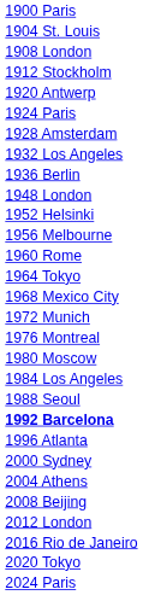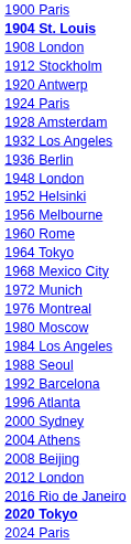 <table>
 <tr>
 <td><a href='#'>1900 Paris</a><br></td>
 <td></td>
 <td></td>
 <td></td>
 </tr>
 <tr>
-<td><a href='#'>1904 St. Louis</a><br></td>
+<td><strong><a href='#'>1904 St. Louis</a><br></strong></td>
 <td></td>
 <td></td>
 <td></td>
 </tr>
 <tr>
 <td><a href='#'>1908 London</a><br></td>
 <td></td>
 <td></td>
 <td></td>
 </tr>
 <tr>
 <td><a href='#'>1912 Stockholm</a><br></td>
 <td></td>
 <td></td>
 <td></td>
 </tr>
 <tr>
 <td><a href='#'>1920 Antwerp</a><br></td>
 <td></td>
 <td></td>
 <td></td>
 </tr>
 <tr>
 <td><a href='#'>1924 Paris</a><br></td>
 <td></td>
 <td></td>
 <td></td>
 </tr>
 <tr>
 <td><a href='#'>1928 Amsterdam</a><br></td>
 <td></td>
 <td></td>
 <td></td>
 </tr>
 <tr>
 <td><a href='#'>1932 Los Angeles</a><br></td>
 <td></td>
 <td></td>
 <td></td>
 </tr>
 <tr>
 <td><a href='#'>1936 Berlin</a><br></td>
 <td></td>
 <td></td>
 <td></td>
 </tr>
 <tr>
 <td><a href='#'>1948 London</a><br></td>
 <td></td>
 <td></td>
 <td></td>
 </tr>
 <tr>
 <td><a href='#'>1952 Helsinki</a><br></td>
 <td></td>
 <td></td>
 <td></td>
 </tr>
 <tr>
 <td><a href='#'>1956 Melbourne</a><br></td>
 <td></td>
 <td></td>
 <td></td>
 </tr>
 <tr>
 <td><a href='#'>1960 Rome</a><br></td>
 <td></td>
 <td></td>
 <td></td>
 </tr>
 <tr>
 <td><a href='#'>1964 Tokyo</a><br></td>
 <td></td>
 <td></td>
 <td></td>
 </tr>
 <tr>
 <td><a href='#'>1968 Mexico City</a><br></td>
 <td></td>
 <td></td>
 <td></td>
 </tr>
 <tr>
 <td><a href='#'>1972 Munich</a><br></td>
 <td></td>
 <td></td>
 <td></td>
 </tr>
 <tr>
 <td><a href='#'>1976 Montreal</a><br></td>
 <td></td>
 <td></td>
 <td></td>
 </tr>
 <tr>
 <td><a href='#'>1980 Moscow</a><br></td>
 <td></td>
 <td></td>
 <td></td>
 </tr>
 <tr>
 <td><a href='#'>1984 Los Angeles</a><br></td>
 <td></td>
 <td></td>
 <td></td>
 </tr>
 <tr>
 <td><a href='#'>1988 Seoul</a><br></td>
 <td></td>
 <td></td>
 <td></td>
 </tr>
 <tr>
-<td><strong><a href='#'>1992 Barcelona</a><br></strong></td>
+<td><a href='#'>1992 Barcelona</a><br></td>
 <td></td>
 <td></td>
 <td></td>
 </tr>
 <tr>
 <td><a href='#'>1996 Atlanta</a><br></td>
 <td></td>
 <td></td>
 <td></td>
 </tr>
 <tr>
 <td><a href='#'>2000 Sydney</a><br></td>
 <td></td>
 <td></td>
 <td></td>
 </tr>
 <tr>
 <td><a href='#'>2004 Athens</a><br></td>
 <td></td>
 <td></td>
 <td></td>
 </tr>
 <tr>
 <td><a href='#'>2008 Beijing</a><br></td>
 <td></td>
 <td></td>
 <td></td>
 </tr>
 <tr>
 <td><a href='#'>2012 London</a><br></td>
 <td></td>
 <td></td>
 <td></td>
 </tr>
 <tr>
 <td><a href='#'>2016 Rio de Janeiro</a><br></td>
 <td></td>
 <td></td>
 <td></td>
 </tr>
 <tr>
-<td><a href='#'>2020 Tokyo</a><br></td>
+<td><strong><a href='#'>2020 Tokyo</a><br></strong></td>
 <td></td>
 <td></td>
 <td></td>
 </tr>
 <tr>
 <td><a href='#'>2024 Paris</a> <br></td>
 <td></td>
 <td></td>
 <td></td>
 </tr>
 </table>
